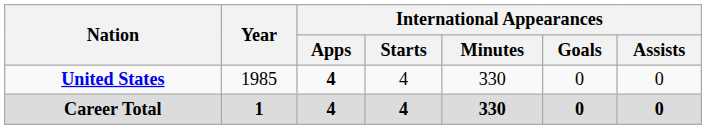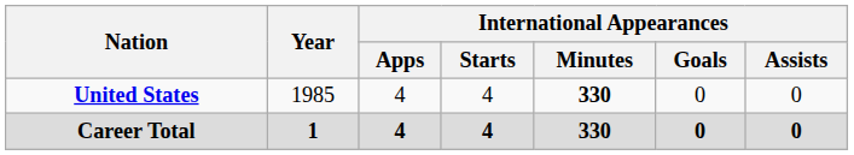 <table class="wikitable" style=font-size:90% text-align: center width=35%>
 <tr>
 <th rowspan=2 width=20%>Nation</th>
 <th rowspan=2 width=7%>Year</th>
 <th colspan=5 width=30%>International Appearances</th>
 </tr>
 <tr>
 <th align=center>Apps</th>
 <th align=center>Starts</th>
 <th align=center>Minutes</th>
 <th align=center>Goals</th>
 <th align=center>Assists</th>
 </tr>
 <tr>
 <td rowspan=1 align=center><strong><a href='#'>United States</a></strong></td>
 <td align=center>1985</td>
-<td align=center><strong>4</strong></td>
 <td align=center>4</td>
-<td align=center>330</td>
+<td align=center>4</td>
+<td align=center><strong>330</strong></td>
 <td align=center>0</td>
 <td align=center>0</td>
 </tr>
 <tr>
 <th style="background: #DCDCDC" align=center>Career Total</th>
 <th style="background: #DCDCDC" align=center>1</th>
 <th style="background: #DCDCDC" align=center>4</th>
 <th style="background: #DCDCDC" align=center>4</th>
 <th style="background: #DCDCDC" align=center>330</th>
 <th style="background: #DCDCDC" align=center>0</th>
 <th style="background: #DCDCDC" align=center>0</th>
 </tr>
 </table>
